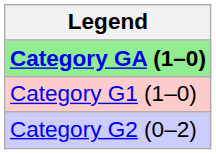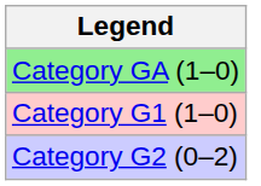 <table class=wikitable>
 <tr>
 <th>Legend</th>
 </tr>
 <tr bgcolor="lightgreen">
-<td><strong><a href='#'>Category GA</a> (1–0)</strong></td>
+<td><a href='#'>Category GA</a> (1–0)</td>
 </tr>
 <tr bgcolor="#ffcccc">
 <td><a href='#'>Category G1</a> (1–0)</td>
 </tr>
 <tr bgcolor="#ccccff">
 <td><a href='#'>Category G2</a> (0–2)</td>
 </tr>
 </table>
